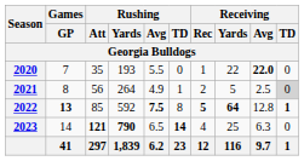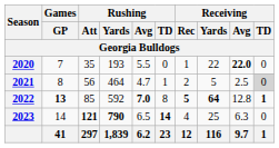 <table class="wikitable" style="text-align:center;">
 <tr>
 <th rowspan="2">Season</th>
 <th>Games</th>
 <th colspan="4">Rushing</th>
 <th colspan="4">Receiving</th>
 </tr>
 <tr>
 <th>GP</th>
 <th>Att</th>
 <th>Yards</th>
 <th>Avg</th>
 <th>TD</th>
 <th>Rec</th>
 <th>Yards</th>
 <th>Avg</th>
 <th>TD</th>
 </tr>
 <tr>
 <th colspan="15">Georgia Bulldogs</th>
 </tr>
 <tr>
 <th><a href='#'>2020</a></th>
 <td>7</td>
 <td>35</td>
 <td>193</td>
 <td>5.5</td>
 <td>0</td>
 <td>1</td>
 <td>22</td>
 <td><strong>22.0</strong></td>
 <td>0</td>
 </tr>
 <tr>
 <th><a href='#'>2021</a></th>
 <td>8</td>
 <td>56</td>
-<td>264</td>
-<td>4.9</td>
+<td>464</td>
+<td>4.7</td>
 <td>1</td>
 <td>2</td>
 <td>5</td>
 <td>2.5</td>
 <td style="background: lightgrey;">0</td>
 </tr>
 <tr>
 <th><a href='#'>2022</a></th>
 <td><strong>13</strong></td>
 <td>85</td>
 <td>592</td>
-<td><strong>7.5</strong></td>
+<td><strong>7.0</strong></td>
 <td>8</td>
 <td><strong>5</strong></td>
 <td><strong>64</strong></td>
 <td>12.8</td>
 <td><strong>1</strong></td>
 </tr>
 <tr>
 <th><a href='#'>2023</a></th>
 <td>14</td>
 <td><strong>121</strong></td>
 <td><strong>790</strong></td>
 <td>6.5</td>
 <td><strong>14</strong></td>
 <td>4</td>
 <td>25</td>
 <td>6.3</td>
 <td>0</td>
 </tr>
 <tr>
 <th></th>
 <th>41</th>
 <th>297</th>
 <th>1,839</th>
 <th>6.2</th>
 <th>23</th>
 <th>12</th>
 <th>116</th>
 <th>9.7</th>
 <th>1</th>
 </tr>
 </table>
